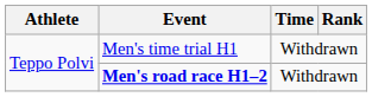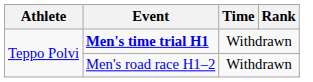 <table class=wikitable style="font-size:90%">
 <tr>
 <th>Athlete</th>
 <th>Event</th>
 <th>Time</th>
 <th>Rank</th>
 </tr>
 <tr align=center>
 <td rowspan="2" align=left><a href='#'>Teppo Polvi</a></td>
-<td align=left><a href='#'>Men's time trial H1</a></td>
+<td align=left><strong><a href='#'>Men's time trial H1</a></strong></td>
 <td colspan=2>Withdrawn</td>
 </tr>
 <tr align=center>
-<td align=left><strong><a href='#'>Men's road race H1–2</a></strong></td>
+<td align=left><a href='#'>Men's road race H1–2</a></td>
 <td colspan=2>Withdrawn</td>
 </tr>
 </table>
